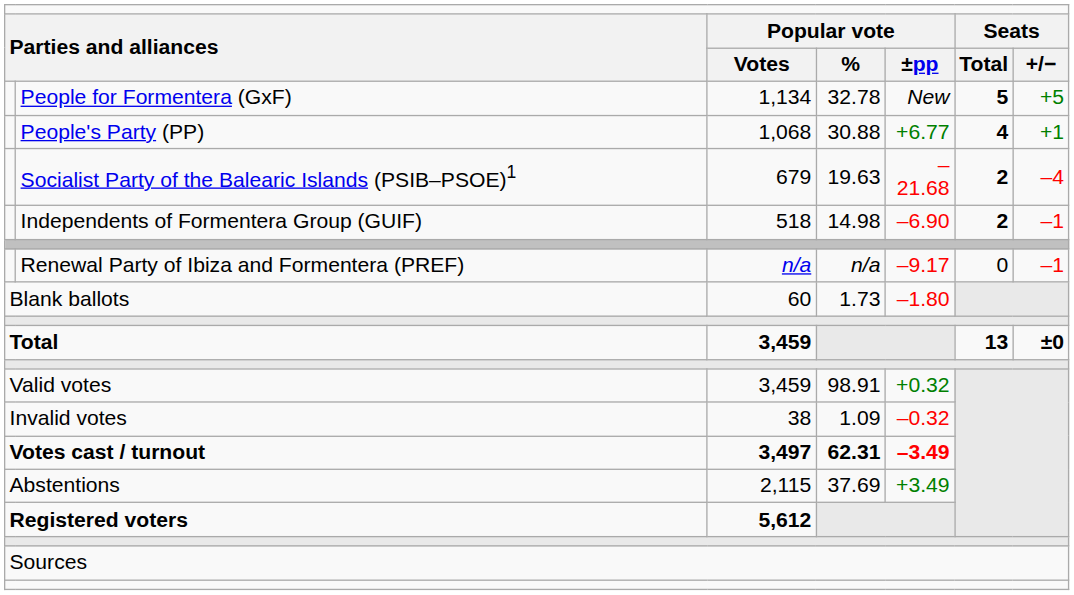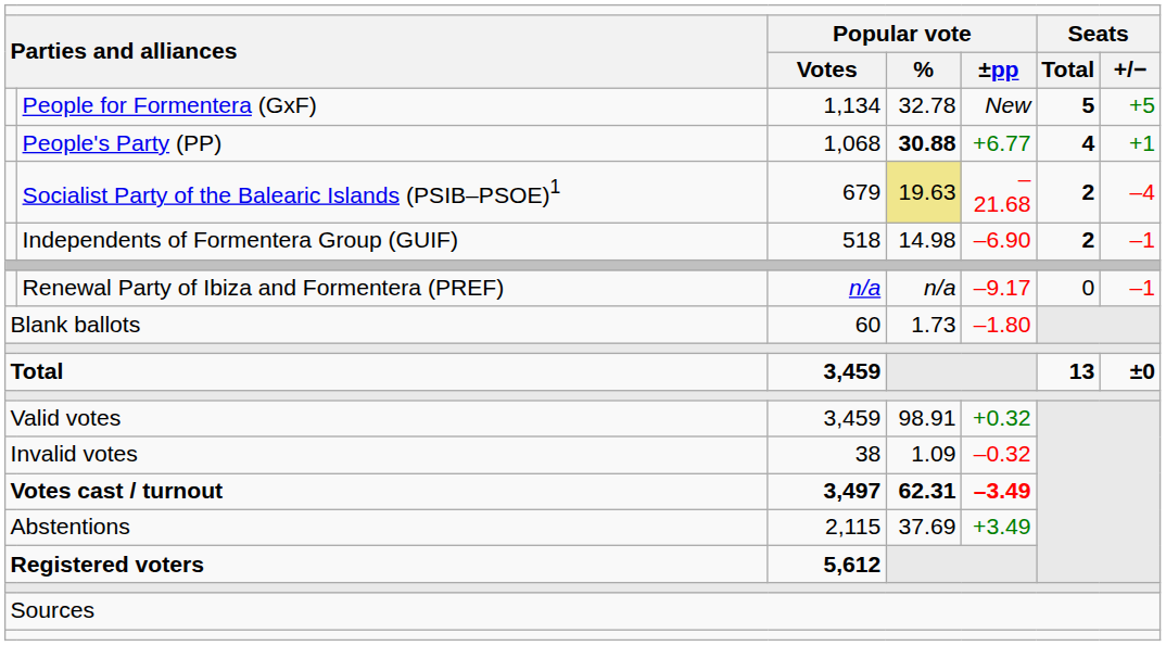 <table class="wikitable" style="text-align:right;">
 <tr>
 <td colspan="7"></td>
 </tr>
 <tr>
 <th style="text-align:left;" rowspan="2" colspan="2" width="525">Parties and alliances</th>
 <th colspan="3">Popular vote</th>
 <th colspan="2">Seats</th>
 </tr>
 <tr>
 <th width="75">Votes</th>
 <th width="45">%</th>
 <th width="45">±<a href='#'>pp</a></th>
 <th width="35">Total</th>
 <th width="35">+/−</th>
 </tr>
 <tr>
 <td width="1" style="color:inherit;background:"></td>
 <td align="left"><a href='#'>People for Formentera</a> (GxF)</td>
 <td>1,134</td>
 <td>32.78</td>
 <td><em>New</em></td>
 <td><strong>5</strong></td>
 <td style="color:green;">+5</td>
 </tr>
 <tr>
 <td style="color:inherit;background:"></td>
 <td align="left"><a href='#'>People's Party</a> (PP)</td>
 <td>1,068</td>
-<td>30.88</td>
+<td><strong>30.88</strong></td>
 <td style="color:green;">+6.77</td>
 <td><strong>4</strong></td>
 <td style="color:green;">+1</td>
 </tr>
 <tr>
 <td style="color:inherit;background:"></td>
 <td align="left"><a href='#'>Socialist Party of the Balearic Islands</a> (PSIB–PSOE)<sup>1</sup></td>
 <td>679</td>
-<td>19.63</td>
+<td style="background: khaki;">19.63</td>
 <td style="color:red;">–21.68</td>
 <td><strong>2</strong></td>
 <td style="color:red;">–4</td>
 </tr>
 <tr>
 <td style="color:inherit;background:"></td>
 <td align="left">Independents of Formentera Group (GUIF)</td>
 <td>518</td>
 <td>14.98</td>
 <td style="color:red;">–6.90</td>
 <td><strong>2</strong></td>
 <td style="color:red;">–1</td>
 </tr>
 <tr>
 <td colspan="7" bgcolor="#C0C0C0"></td>
 </tr>
 <tr>
 <td style="color:inherit;background:"></td>
 <td align="left">Renewal Party of Ibiza and Formentera (PREF)</td>
 <td><em><a href='#'>n/a</a></em></td>
 <td><em>n/a</em></td>
 <td style="color:red;">–9.17</td>
 <td>0</td>
 <td style="color:red;">–1</td>
 </tr>
 <tr>
 <td align="left" colspan="2">Blank ballots</td>
 <td>60</td>
 <td>1.73</td>
 <td style="color:red;">–1.80</td>
 <td bgcolor="#E9E9E9" colspan="2"></td>
 </tr>
 <tr>
 <td colspan="7" bgcolor="#E9E9E9"></td>
 </tr>
 <tr style="font-weight:bold;">
 <td align="left" colspan="2">Total</td>
 <td>3,459</td>
 <td bgcolor="#E9E9E9" colspan="2"></td>
 <td>13</td>
 <td>±0</td>
 </tr>
 <tr>
 <td colspan="7" bgcolor="#E9E9E9"></td>
 </tr>
 <tr>
 <td align="left" colspan="2">Valid votes</td>
 <td>3,459</td>
 <td>98.91</td>
 <td style="color:green;">+0.32</td>
 <td bgcolor="#E9E9E9" colspan="2" rowspan="5"></td>
 </tr>
 <tr>
 <td align="left" colspan="2">Invalid votes</td>
 <td>38</td>
 <td>1.09</td>
 <td style="color:red;">–0.32</td>
 </tr>
 <tr style="font-weight:bold;">
 <td align="left" colspan="2">Votes cast / turnout</td>
 <td>3,497</td>
 <td>62.31</td>
 <td style="color:red;">–3.49</td>
 </tr>
 <tr>
 <td align="left" colspan="2">Abstentions</td>
 <td>2,115</td>
 <td>37.69</td>
 <td style="color:green;">+3.49</td>
 </tr>
 <tr style="font-weight:bold;">
 <td align="left" colspan="2">Registered voters</td>
 <td>5,612</td>
 <td bgcolor="#E9E9E9" colspan="2"></td>
 </tr>
 <tr>
 <td colspan="7" bgcolor="#E9E9E9"></td>
 </tr>
 <tr>
 <td align="left" colspan="7">Sources</td>
 </tr>
 <tr>
 <td colspan="7" style="text-align:left; max-width:790px;"></td>
 </tr>
 </table>
